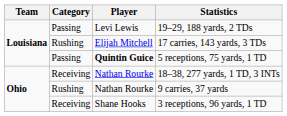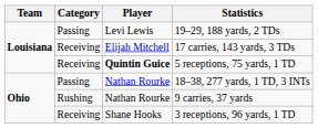 <table class="wikitable" style="float: left;">
 <tr>
 <th>Team</th>
 <th>Category</th>
 <th>Player</th>
 <th>Statistics</th>
 </tr>
 <tr>
 <td rowspan=3><strong>Louisiana</strong></td>
 <td>Passing</td>
 <td>Levi Lewis</td>
 <td>19–29, 188 yards, 2 TDs</td>
 </tr>
 <tr>
-<td>Rushing</td>
+<td>Receiving</td>
 <td><a href='#'>Elijah Mitchell</a></td>
 <td>17 carries, 143 yards, 3 TDs</td>
 </tr>
 <tr>
-<td>Passing</td>
+<td>Receiving</td>
 <td><strong>Quintin Guice</strong></td>
 <td>5 receptions, 75 yards, 1 TD</td>
 </tr>
 <tr>
 <td rowspan=3><strong>Ohio</strong></td>
-<td>Receiving</td>
+<td>Passing</td>
 <td><a href='#'>Nathan Rourke</a></td>
 <td>18–38, 277 yards, 1 TD, 3 INTs</td>
 </tr>
 <tr>
 <td>Rushing</td>
 <td>Nathan Rourke</td>
 <td>9 carries, 37 yards</td>
 </tr>
 <tr>
 <td>Receiving</td>
 <td>Shane Hooks</td>
 <td>3 receptions, 96 yards, 1 TD</td>
 </tr>
 </table>
